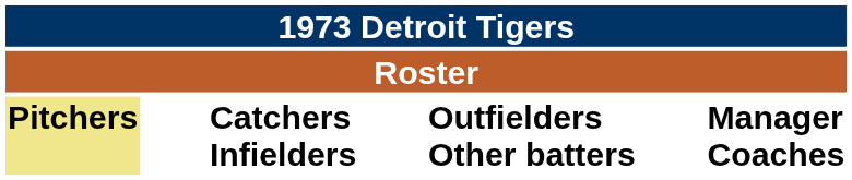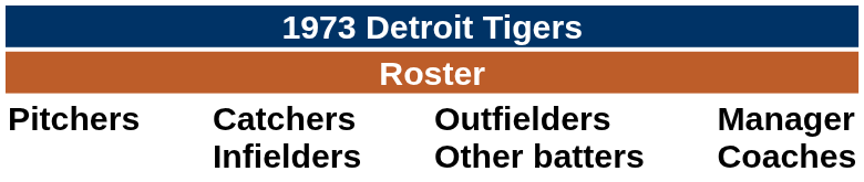 <table class="toccolours" style="font-size: 95%;">
 <tr>
 <th colspan="10" style="background-color: #003366; color: white; text-align: center;">1973 Detroit Tigers</th>
 </tr>
 <tr>
 <td colspan="10" style="background-color: #bd5d29; color: white; text-align: center;"><strong>Roster</strong></td>
 </tr>
 <tr>
-<td valign="top" style="background: khaki;"><strong>Pitchers</strong><br>               </td>
+<td valign="top"><strong>Pitchers</strong><br>               </td>
 <td width="25px"></td>
 <td valign="top"><strong>Catchers</strong><br>   <strong>Infielders</strong>           </td>
 <td width="25px"></td>
 <td valign="top"><strong>Outfielders</strong><br>        <strong>Other batters</strong> </td>
 <td width="25px"></td>
 <td valign="top"><strong>Manager</strong><br>  <strong>Coaches</strong>    </td>
 </tr>
 </table>
